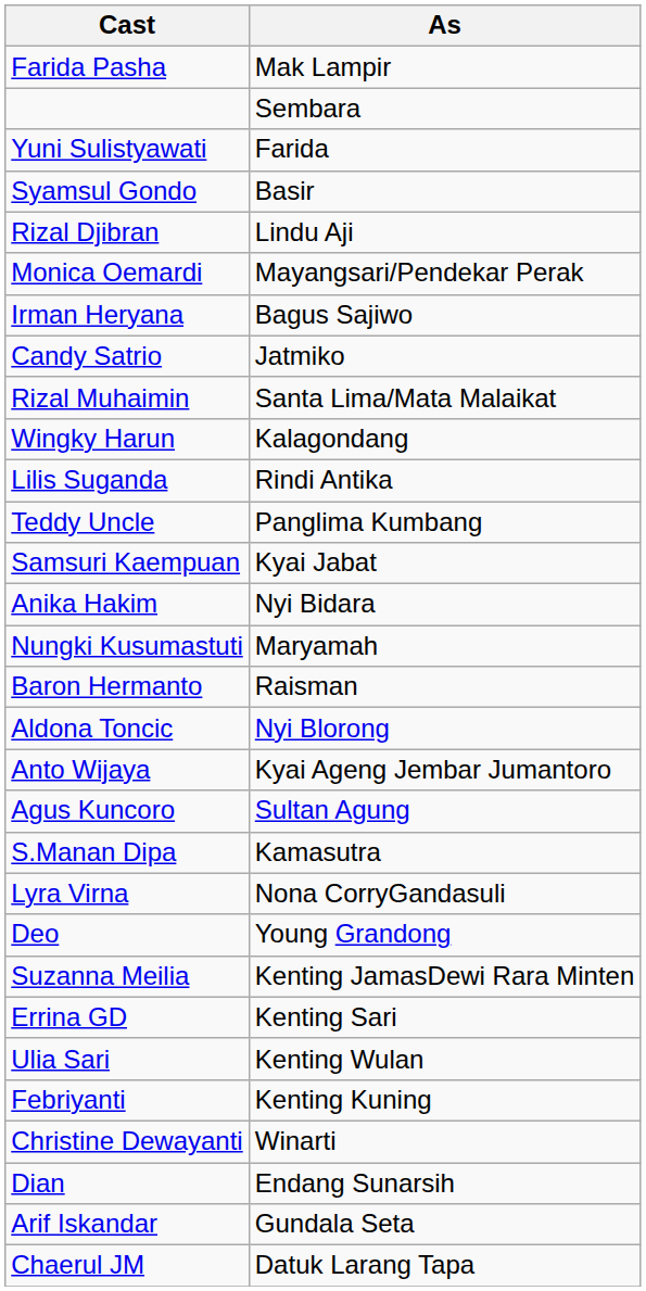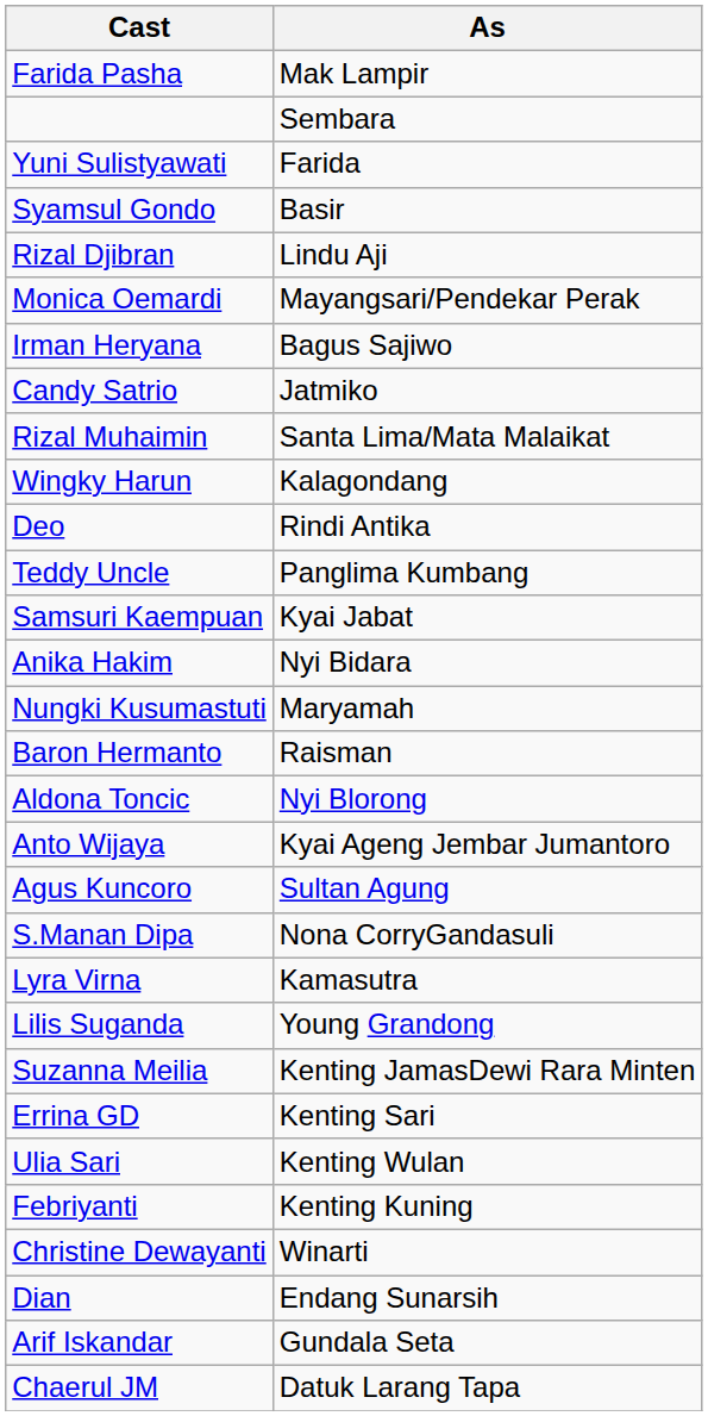 <table class="wikitable">
 <tr>
 <th>Cast</th>
 <th>As</th>
 </tr>
 <tr>
 <td><a href='#'>Farida Pasha</a></td>
 <td>Mak Lampir</td>
 </tr>
 <tr>
 <td></td>
 <td>Sembara</td>
 </tr>
 <tr>
 <td><a href='#'>Yuni Sulistyawati</a></td>
 <td>Farida</td>
 </tr>
 <tr>
 <td><a href='#'>Syamsul Gondo</a></td>
 <td>Basir</td>
 </tr>
 <tr>
 <td><a href='#'>Rizal Djibran</a></td>
 <td>Lindu Aji</td>
 </tr>
 <tr>
 <td><a href='#'>Monica Oemardi</a></td>
 <td>Mayangsari/Pendekar Perak</td>
 </tr>
 <tr>
 <td><a href='#'>Irman Heryana</a></td>
 <td>Bagus Sajiwo</td>
 </tr>
 <tr>
 <td><a href='#'>Candy Satrio</a></td>
 <td>Jatmiko</td>
 </tr>
 <tr>
 <td><a href='#'>Rizal Muhaimin</a></td>
 <td>Santa Lima/Mata Malaikat</td>
 </tr>
 <tr>
 <td><a href='#'>Wingky Harun</a></td>
 <td>Kalagondang</td>
 </tr>
 <tr>
-<td><a href='#'>Lilis Suganda</a></td>
+<td><a href='#'>Deo</a></td>
 <td>Rindi Antika</td>
 </tr>
 <tr>
 <td><a href='#'>Teddy Uncle</a></td>
 <td>Panglima Kumbang</td>
 </tr>
 <tr>
 <td><a href='#'>Samsuri Kaempuan</a></td>
 <td>Kyai Jabat</td>
 </tr>
 <tr>
 <td><a href='#'>Anika Hakim</a></td>
 <td>Nyi Bidara</td>
 </tr>
 <tr>
 <td><a href='#'>Nungki Kusumastuti</a></td>
 <td>Maryamah</td>
 </tr>
 <tr>
 <td><a href='#'>Baron Hermanto</a></td>
 <td>Raisman</td>
 </tr>
 <tr>
 <td><a href='#'>Aldona Toncic</a></td>
 <td><a href='#'>Nyi Blorong</a></td>
 </tr>
 <tr>
 <td><a href='#'>Anto Wijaya</a></td>
 <td>Kyai Ageng Jembar Jumantoro</td>
 </tr>
 <tr>
 <td><a href='#'>Agus Kuncoro</a></td>
 <td><a href='#'>Sultan Agung</a></td>
 </tr>
 <tr>
 <td><a href='#'>S.Manan Dipa</a></td>
+<td>Nona CorryGandasuli</td>
+</tr>
+<tr>
+<td><a href='#'>Lyra Virna</a></td>
 <td>Kamasutra</td>
 </tr>
 <tr>
-<td><a href='#'>Lyra Virna</a></td>
-<td>Nona CorryGandasuli</td>
-</tr>
-<tr>
-<td><a href='#'>Deo</a></td>
+<td><a href='#'>Lilis Suganda</a></td>
 <td>Young <a href='#'>Grandong</a></td>
 </tr>
 <tr>
 <td><a href='#'>Suzanna Meilia</a></td>
 <td>Kenting JamasDewi Rara Minten</td>
 </tr>
 <tr>
 <td><a href='#'>Errina GD</a></td>
 <td>Kenting Sari</td>
 </tr>
 <tr>
 <td><a href='#'>Ulia Sari</a></td>
 <td>Kenting Wulan</td>
 </tr>
 <tr>
 <td><a href='#'>Febriyanti</a></td>
 <td>Kenting Kuning</td>
 </tr>
 <tr>
 <td><a href='#'>Christine Dewayanti</a></td>
 <td>Winarti</td>
 </tr>
 <tr>
 <td><a href='#'>Dian</a></td>
 <td>Endang Sunarsih</td>
 </tr>
 <tr>
 <td><a href='#'>Arif Iskandar</a></td>
 <td>Gundala Seta</td>
 </tr>
 <tr>
 <td><a href='#'>Chaerul JM</a></td>
 <td>Datuk Larang Tapa</td>
 </tr>
 <tr>
 </tr>
 </table>
